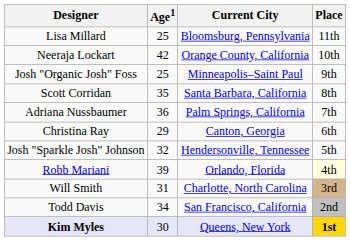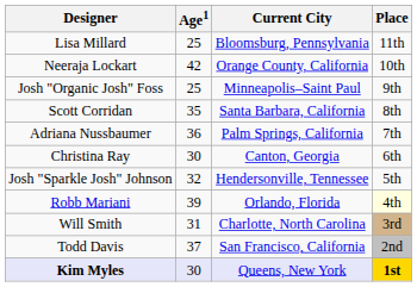 <table class="wikitable sortable" style="text-align:center">
 <tr>
 <th>Designer</th>
 <th>Age<sup>1</sup></th>
 <th>Current City</th>
 <th>Place</th>
 </tr>
 <tr>
 <td>Lisa Millard</td>
 <td>25</td>
 <td><a href='#'>Bloomsburg, Pennsylvania</a></td>
 <td>11th</td>
 </tr>
 <tr>
 <td>Neeraja Lockart</td>
 <td>42</td>
 <td><a href='#'>Orange County, California</a></td>
 <td>10th</td>
 </tr>
 <tr>
 <td>Josh "Organic Josh" Foss</td>
 <td>25</td>
 <td><a href='#'>Minneapolis–Saint Paul</a></td>
 <td>9th</td>
 </tr>
 <tr>
 <td>Scott Corridan</td>
 <td>35</td>
 <td><a href='#'>Santa Barbara, California</a></td>
 <td>8th</td>
 </tr>
 <tr>
 <td>Adriana Nussbaumer</td>
 <td>36</td>
 <td><a href='#'>Palm Springs, California</a></td>
 <td>7th</td>
 </tr>
 <tr>
 <td>Christina Ray</td>
-<td>29</td>
+<td>30</td>
 <td><a href='#'>Canton, Georgia</a></td>
 <td>6th</td>
 </tr>
 <tr>
 <td>Josh "Sparkle Josh" Johnson</td>
 <td>32</td>
 <td><a href='#'>Hendersonville, Tennessee</a></td>
 <td>5th</td>
 </tr>
 <tr>
 <td><a href='#'>Robb Mariani</a></td>
 <td>39</td>
 <td><a href='#'>Orlando, Florida</a></td>
 <td style="background: lightyellow;">4th</td>
 </tr>
 <tr>
 <td>Will Smith</td>
 <td>31</td>
 <td><a href='#'>Charlotte, North Carolina</a></td>
 <td bgcolor="tan">3rd</td>
 </tr>
 <tr>
 <td>Todd Davis</td>
-<td>34</td>
+<td>37</td>
 <td><a href='#'>San Francisco, California</a></td>
 <td bgcolor="silver">2nd</td>
 </tr>
 <tr>
 <td bgcolor="lavender"><strong>Kim Myles</strong></td>
 <td bgcolor="lavender">30</td>
 <td bgcolor="lavender"><a href='#'>Queens, New York</a></td>
 <td bgcolor="gold"><strong>1st</strong></td>
 </tr>
 </table>
